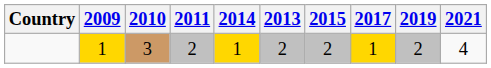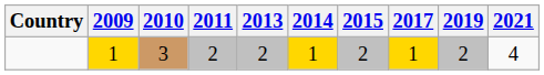 <table class="wikitable" style="text-align: center">
 <tr>
 <th>Country</th>
 <th><strong><a href='#'>2009</a></strong></th>
 <th><strong><a href='#'>2010</a></strong></th>
 <th><strong><a href='#'>2011</a></strong></th>
+<th><strong><a href='#'>2013</a></strong></th>
 <th><strong><a href='#'>2014</a></strong></th>
-<th><strong><a href='#'>2013</a></strong></th>
 <th><strong><a href='#'>2015</a></strong></th>
 <th><strong><a href='#'>2017</a></strong></th>
 <th><strong><a href='#'>2019</a></strong></th>
 <th><strong><a href='#'>2021</a></strong></th>
 </tr>
 <tr>
 <td align= left></td>
 <td bgcolor=gold>1</td>
 <td bgcolor=#cc9966>3</td>
 <td bgcolor=silver>2</td>
+<td bgcolor=silver>2</td>
 <td bgcolor=gold>1</td>
-<td bgcolor=silver>2</td>
 <td bgcolor=silver>2</td>
 <td bgcolor=gold>1</td>
 <td bgcolor=silver>2</td>
 <td>4</td>
 </tr>
 </table>
